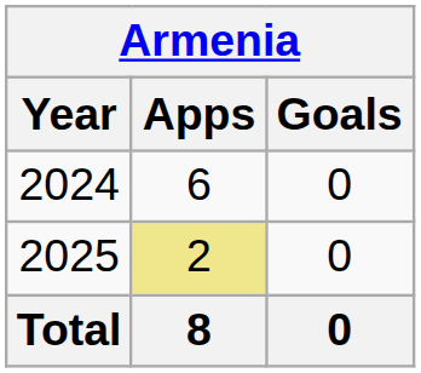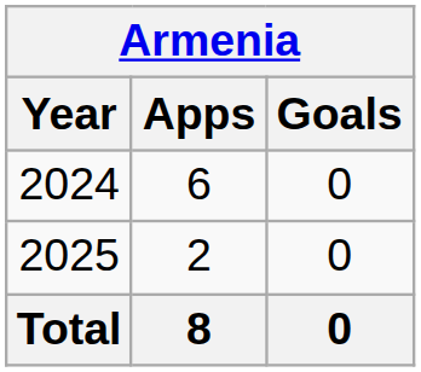 <table class="wikitable" style="text-align:center">
 <tr>
 <th colspan=4><a href='#'>Armenia</a></th>
 </tr>
 <tr>
 <th>Year</th>
 <th>Apps</th>
 <th>Goals</th>
 </tr>
 <tr>
 <td>2024</td>
 <td>6</td>
 <td>0</td>
 </tr>
 <tr>
 <td>2025</td>
-<td style="background: khaki;">2</td>
+<td>2</td>
 <td>0</td>
 </tr>
 <tr>
 <th>Total</th>
 <th>8</th>
 <th>0</th>
 </tr>
 </table>
